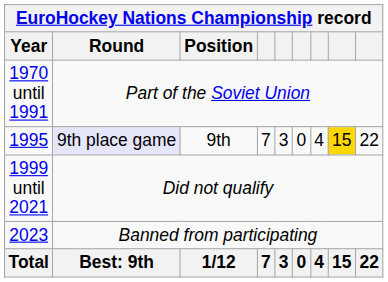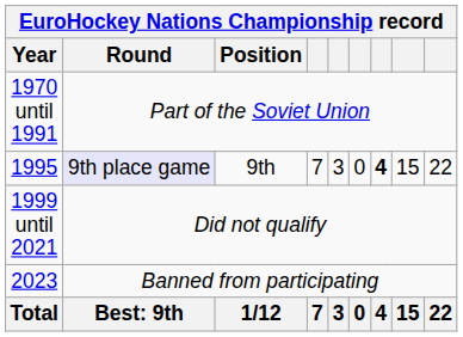 <table class="wikitable" style="text-align: center;">
 <tr>
 <th colspan=9><a href='#'>EuroHockey Nations Championship</a> record</th>
 </tr>
 <tr>
 <th>Year</th>
 <th>Round</th>
 <th>Position</th>
 <th></th>
 <th></th>
 <th></th>
 <th></th>
 <th></th>
 <th></th>
 </tr>
 <tr>
 <td> <a href='#'>1970</a><br>until<br> <a href='#'>1991</a></td>
 <td colspan=8><em>Part of the <a href='#'>Soviet Union</a></em></td>
 </tr>
 <tr>
 <td> <a href='#'>1995</a></td>
 <td style="background: lavender;">9th place game</td>
 <td>9th</td>
 <td>7</td>
 <td>3</td>
 <td>0</td>
-<td>4</td>
-<td style="background: gold;">15</td>
+<td><strong>4</strong></td>
+<td>15</td>
 <td>22</td>
 </tr>
 <tr>
 <td> <a href='#'>1999</a><br>until<br> <a href='#'>2021</a></td>
 <td colspan=8><em>Did not qualify</em></td>
 </tr>
 <tr>
 <td> <a href='#'>2023</a></td>
 <td colspan=8><em>Banned from participating</em></td>
 </tr>
 <tr>
 <th>Total</th>
 <th>Best: 9th</th>
 <th>1/12</th>
 <th>7</th>
 <th>3</th>
 <th>0</th>
 <th>4</th>
 <th>15</th>
 <th>22</th>
 </tr>
 </table>
